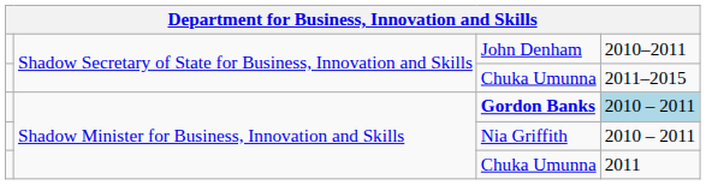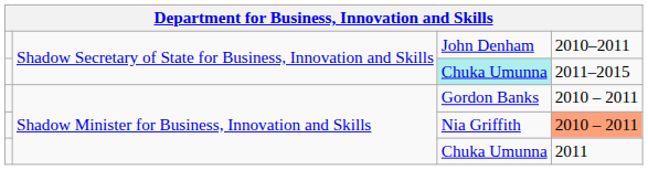 <table class="wikitable">
 <tr>
 <th colspan="4"><a href='#'>Department for Business, Innovation and Skills</a></th>
 </tr>
 <tr>
 <td style="background: "></td>
 <td rowspan="2"><a href='#'>Shadow Secretary of State for Business, Innovation and Skills</a></td>
 <td><a href='#'>John Denham</a></td>
 <td>2010–2011</td>
 </tr>
 <tr>
 <td style="background: "></td>
-<td><a href='#'>Chuka Umunna</a></td>
+<td style="background: paleturquoise;"><a href='#'>Chuka Umunna</a></td>
 <td>2011–2015</td>
 </tr>
 <tr>
 <td style="background: "></td>
 <td rowspan="3"><a href='#'>Shadow Minister for Business, Innovation and Skills</a></td>
-<td><strong><a href='#'>Gordon Banks</a></strong></td>
-<td style="background: lightblue;">2010 – 2011</td>
+<td><a href='#'>Gordon Banks</a></td>
+<td>2010 – 2011</td>
 </tr>
 <tr>
 <td style="background: "></td>
 <td><a href='#'>Nia Griffith</a></td>
-<td>2010 – 2011</td>
+<td style="background: lightsalmon;">2010 – 2011</td>
 </tr>
 <tr>
 <td style="background: "></td>
 <td><a href='#'>Chuka Umunna</a></td>
 <td>2011</td>
 </tr>
 </table>
